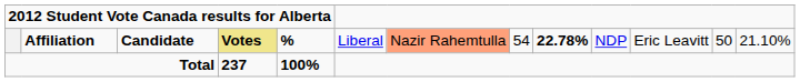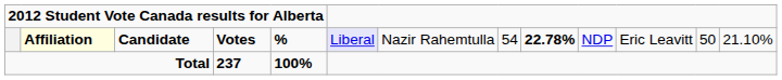 <table class="wikitable">
 <tr>
 <td colspan="5" align=center><strong>2012 Student Vote Canada results for Alberta</strong></td>
 </tr>
 <tr>
 <th style="width: 10px;"></th>
-<td><strong>Affiliation</strong></td>
+<td style="background: lightyellow;"><strong>Affiliation</strong></td>
 <td><strong>Candidate</strong></td>
-<td style="background: khaki;"><strong>Votes</strong></td>
+<td><strong>Votes</strong></td>
 <td><strong>%</strong><br> </td>
-<td><a href='#'>Liberal</a></td>
-<td style="background: lightsalmon;">Nazir Rahemtulla</td>
+<td style="background: lavender;"><a href='#'>Liberal</a></td>
+<td>Nazir Rahemtulla</td>
 <td>54</td>
 <td><strong>22.78%<br> </strong></td>
 <td><a href='#'>NDP</a></td>
 <td>Eric Leavitt</td>
 <td>50</td>
 <td>21.10%</td>
 </tr>
 <tr>
 <td colspan="3" align="right"><strong>Total</strong></td>
 <td><strong>237</strong></td>
 <td><strong>100%</strong></td>
 </tr>
 </table>
